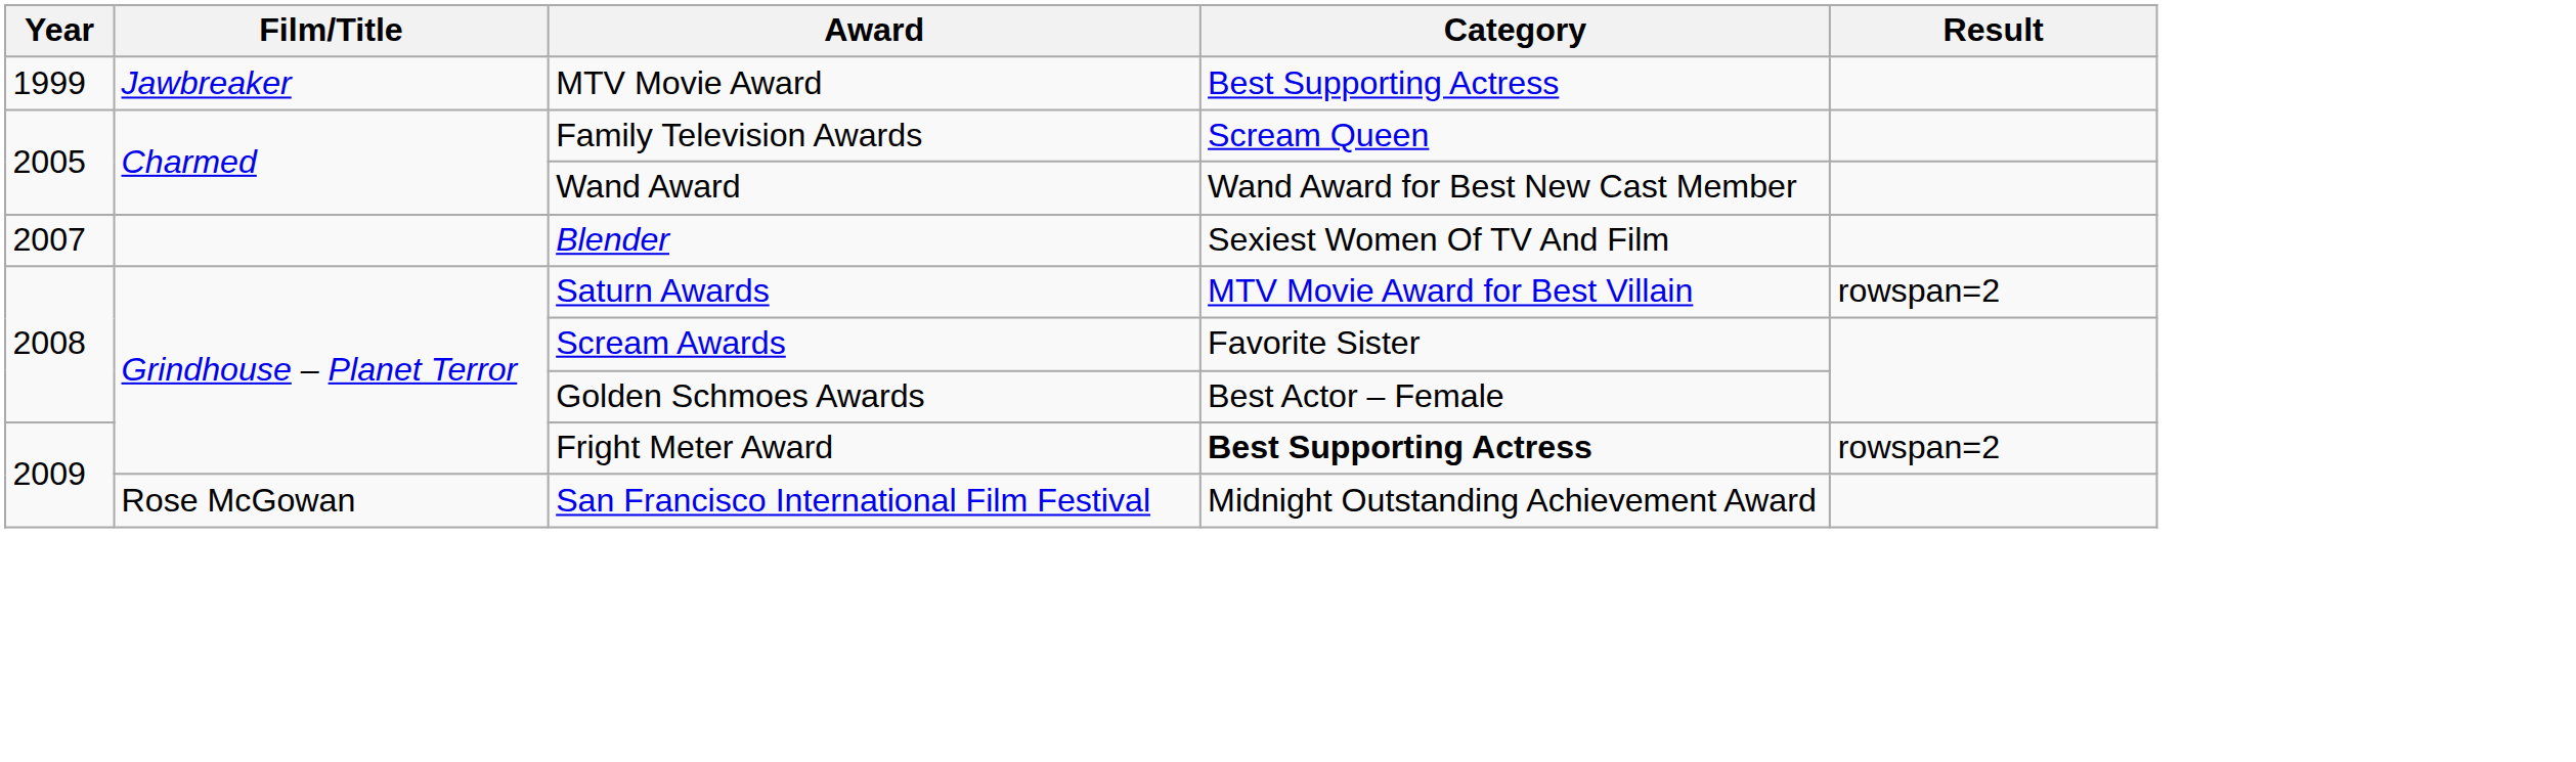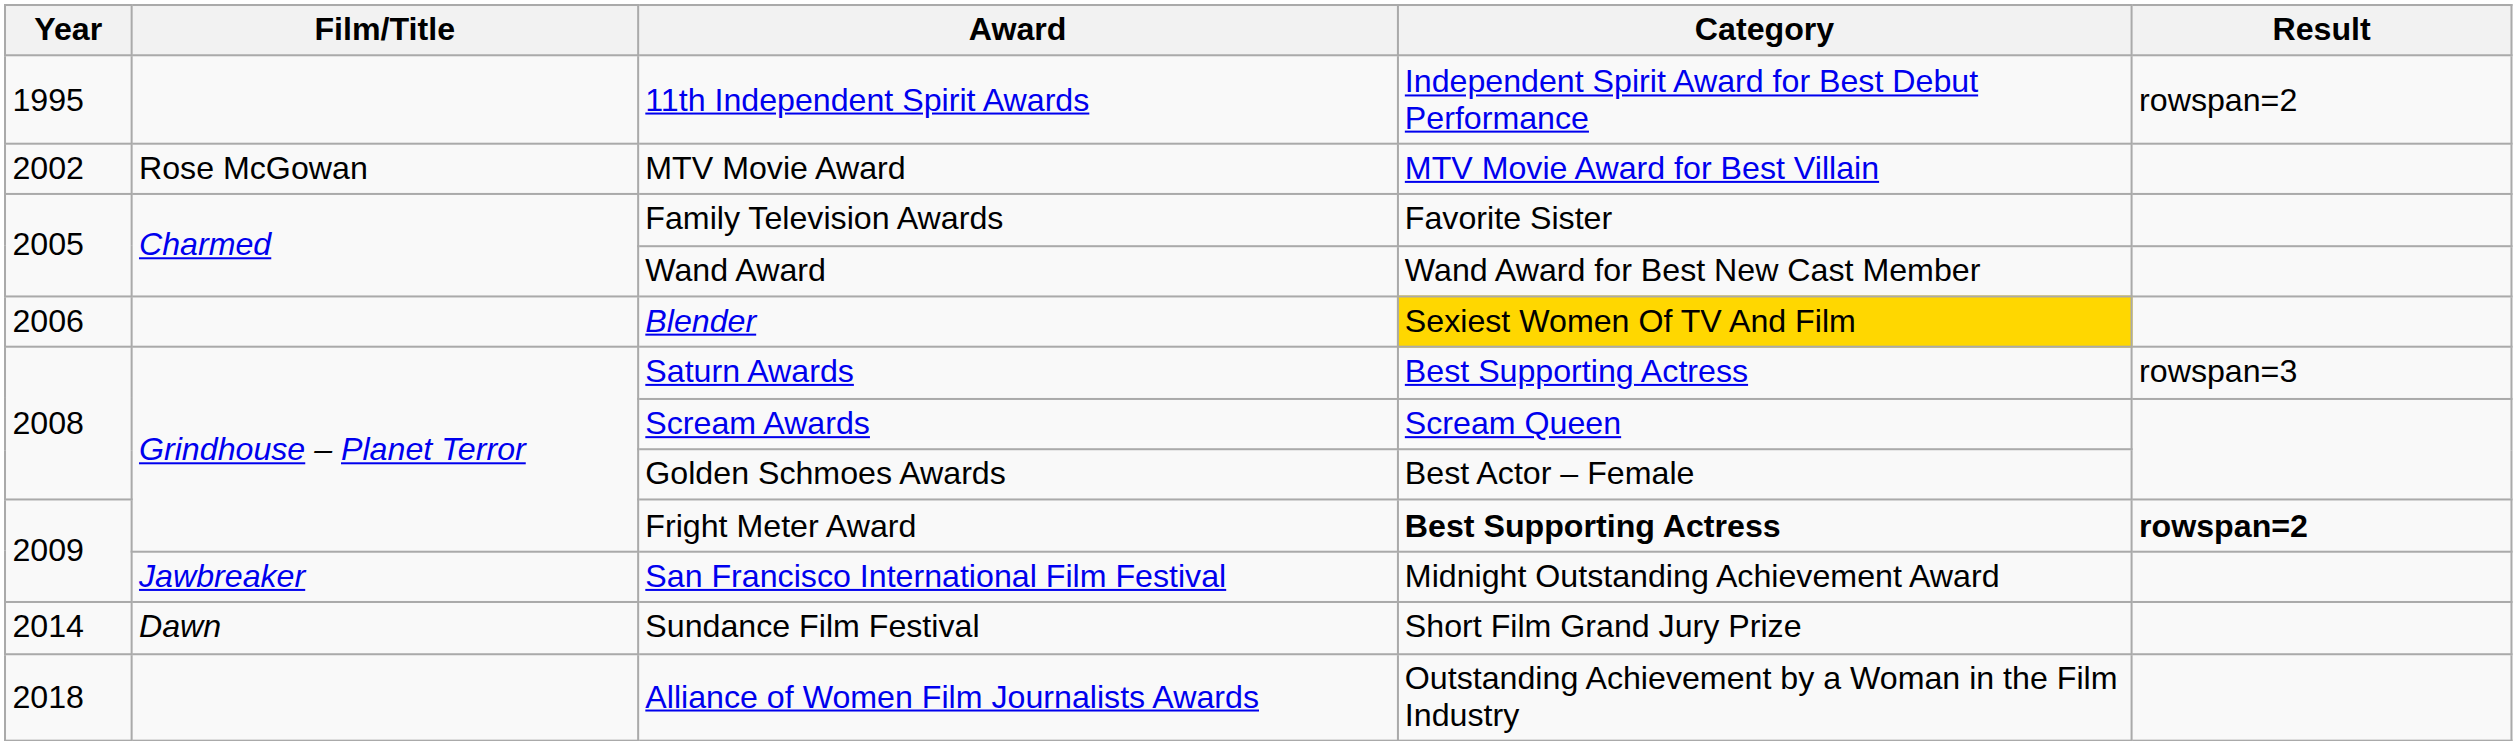 <table class="wikitable sortable plainrowheaders">
 <tr>
 <th width=5%>Year</th>
 <th style="width:20%;">Film/Title</th>
 <th style="width:30%;">Award</th>
 <th style="width:29%;">Category</th>
 <th style="width:15%;">Result</th>
 </tr>
 <tr>
-<td>1999</td>
-<td><em><a href='#'>Jawbreaker</a></em></td>
+<td>1995</td>
+<td><em></em></td>
+<td><a href='#'>11th Independent Spirit Awards</a></td>
+<td><a href='#'>Independent Spirit Award for Best Debut Performance</a></td>
+<td>rowspan=2 </td>
+</tr>
+<tr>
+<td>2002</td>
+<td>Rose McGowan</td>
 <td>MTV Movie Award</td>
-<td><a href='#'>Best Supporting Actress</a></td>
+<td><a href='#'>MTV Movie Award for Best Villain</a></td>
 </tr>
 <tr>
 <td rowspan=2>2005</td>
 <td rowspan=2><em><a href='#'>Charmed</a></em></td>
 <td>Family Television Awards</td>
-<td><a href='#'>Scream Queen</a></td>
+<td>Favorite Sister</td>
 <td></td>
 </tr>
 <tr>
 <td>Wand Award</td>
 <td>Wand Award for Best New Cast Member</td>
 <td></td>
 </tr>
 <tr>
-<td>2007</td>
+<td>2006</td>
 <td></td>
 <td><em><a href='#'>Blender</a></em></td>
-<td>Sexiest Women Of TV And Film</td>
+<td style="background: gold;">Sexiest Women Of TV And Film</td>
 <td></td>
 </tr>
 <tr>
 <td rowspan=3>2008</td>
 <td rowspan=4><em><a href='#'>Grindhouse</a> – <a href='#'>Planet Terror</a></em></td>
 <td><a href='#'>Saturn Awards</a></td>
-<td><a href='#'>MTV Movie Award for Best Villain</a></td>
-<td>rowspan=2 </td>
+<td><a href='#'>Best Supporting Actress</a></td>
+<td>rowspan=3 </td>
 </tr>
 <tr>
 <td><a href='#'>Scream Awards</a></td>
-<td>Favorite Sister</td>
+<td><a href='#'>Scream Queen</a></td>
 </tr>
 <tr>
 <td>Golden Schmoes Awards</td>
 <td>Best Actor – Female</td>
 </tr>
 <tr>
 <td rowspan=2>2009</td>
 <td>Fright Meter Award</td>
 <td><strong>Best Supporting Actress</strong></td>
-<td>rowspan=2 </td>
+<td><strong>rowspan=2 </strong></td>
 </tr>
 <tr>
-<td>Rose McGowan</td>
+<td><em><a href='#'>Jawbreaker</a></em></td>
 <td><a href='#'>San Francisco International Film Festival</a></td>
 <td>Midnight Outstanding Achievement Award</td>
 </tr>
+<tr>
+<td>2014</td>
+<td><em>Dawn</em></td>
+<td>Sundance Film Festival</td>
+<td>Short Film Grand Jury Prize</td>
+<td></td>
+</tr>
+<tr>
+<td>2018</td>
+<td></td>
+<td><a href='#'>Alliance of Women Film Journalists Awards</a></td>
+<td>Outstanding Achievement by a Woman in the Film Industry</td>
+<td></td>
+</tr>
 </table>
